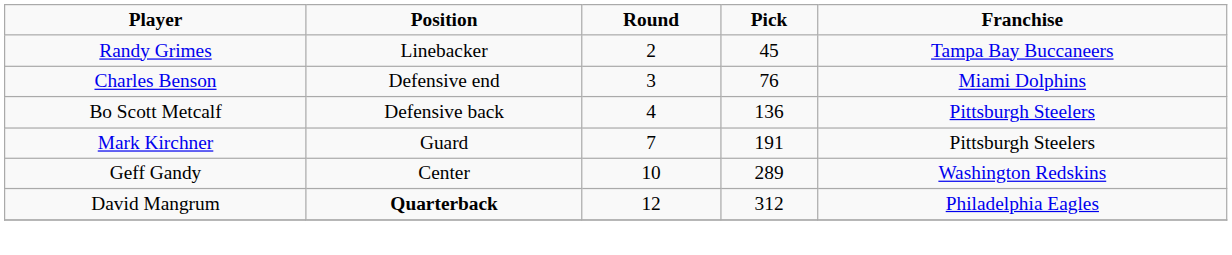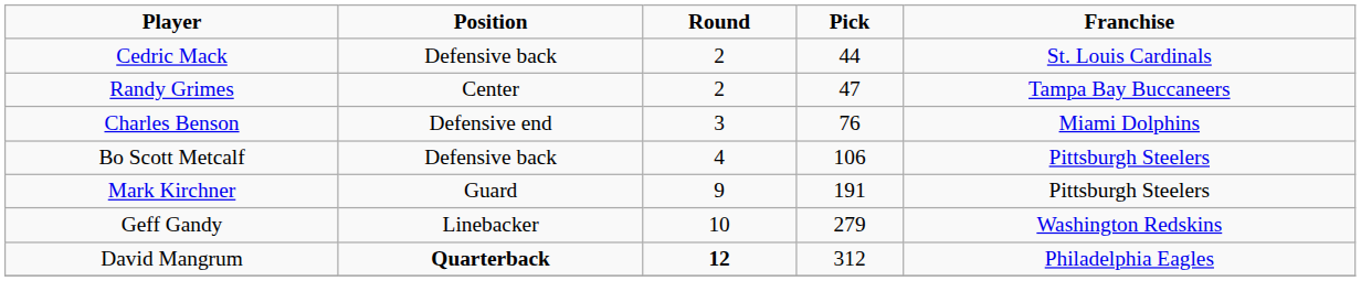 <table class="wikitable" width="80%">
 <tr align="center">
 <td><strong>Player</strong></td>
 <td><strong>Position</strong></td>
 <td><strong>Round</strong></td>
 <td><strong>Pick</strong></td>
 <td><strong>Franchise</strong></td>
 </tr>
 <tr align="center" bgcolor="">
+<td><a href='#'>Cedric Mack</a></td>
+<td>Defensive back</td>
+<td>2</td>
+<td>44</td>
+<td><a href='#'>St. Louis Cardinals</a></td>
+</tr>
+<tr align="center" bgcolor="">
 <td><a href='#'>Randy Grimes</a></td>
-<td>Linebacker</td>
+<td>Center</td>
 <td>2</td>
-<td>45</td>
+<td>47</td>
 <td><a href='#'>Tampa Bay Buccaneers</a></td>
 </tr>
 <tr align="center" bgcolor="">
 <td><a href='#'>Charles Benson</a></td>
 <td>Defensive end</td>
 <td>3</td>
 <td>76</td>
 <td><a href='#'>Miami Dolphins</a></td>
 </tr>
 <tr align="center" bgcolor="">
 <td>Bo Scott Metcalf</td>
 <td>Defensive back</td>
 <td>4</td>
-<td>136</td>
+<td>106</td>
 <td><a href='#'>Pittsburgh Steelers</a></td>
 </tr>
 <tr align="center" bgcolor="">
 <td><a href='#'>Mark Kirchner</a></td>
 <td>Guard</td>
-<td>7</td>
+<td>9</td>
 <td>191</td>
 <td>Pittsburgh Steelers</td>
 </tr>
 <tr align="center" bgcolor="">
 <td>Geff Gandy</td>
-<td>Center</td>
+<td>Linebacker</td>
 <td>10</td>
-<td>289</td>
+<td>279</td>
 <td><a href='#'>Washington Redskins</a></td>
 </tr>
 <tr align="center" bgcolor="">
 <td>David Mangrum</td>
 <td><strong>Quarterback</strong></td>
-<td>12</td>
+<td><strong>12</strong></td>
 <td>312</td>
 <td><a href='#'>Philadelphia Eagles</a></td>
 </tr>
 <tr align="center" bgcolor="">
 </tr>
 </table>
